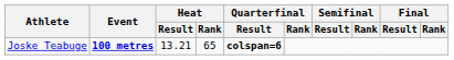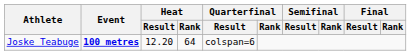 <table class=wikitable style=font-size:90%>
 <tr>
 <th rowspan=2>Athlete</th>
 <th rowspan=2>Event</th>
 <th colspan=2>Heat</th>
 <th colspan=2>Quarterfinal</th>
 <th colspan=2>Semifinal</th>
 <th colspan=2>Final</th>
 </tr>
 <tr style=font-size:95%>
 <th>Result</th>
 <th>Rank</th>
 <th>Result</th>
 <th>Rank</th>
 <th>Result</th>
 <th>Rank</th>
 <th>Result</th>
 <th>Rank</th>
 </tr>
 <tr align=center>
 <td align=left><a href='#'>Joske Teabuge</a></td>
 <td align=left><strong><a href='#'>100 metres</a></strong></td>
-<td>13.21</td>
-<td>65</td>
-<td><strong>colspan=6 </strong></td>
+<td>12.20</td>
+<td>64</td>
+<td>colspan=6 </td>
 </tr>
 </table>
